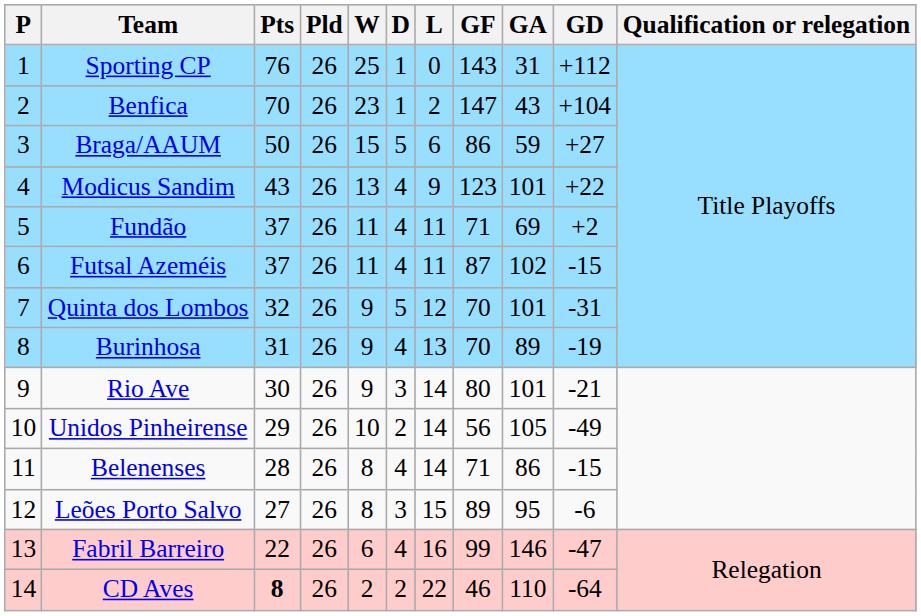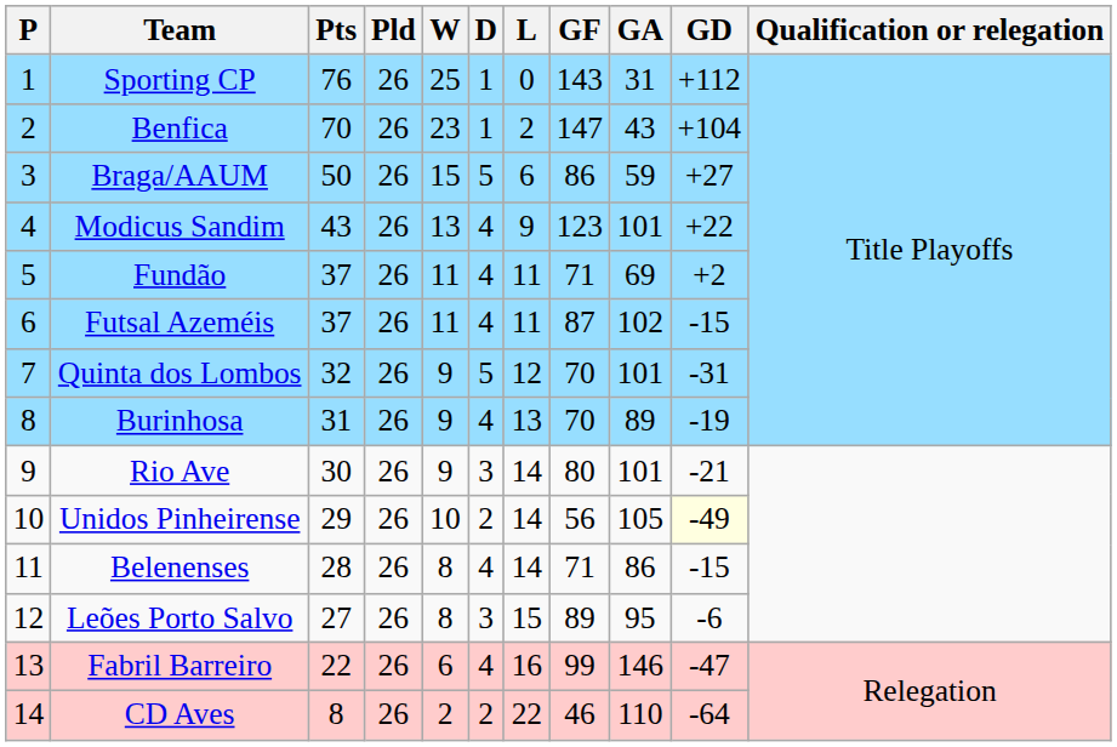 <table class="wikitable sortable" style="text-align: center;">
 <tr>
 <th align="center">P</th>
 <th align="center">Team</th>
 <th align="center">Pts</th>
 <th align="center">Pld</th>
 <th align="center">W</th>
 <th align="center">D</th>
 <th align="center">L</th>
 <th align="center">GF</th>
 <th align="center">GA</th>
 <th align="center">GD</th>
 <th align="center">Qualification or relegation</th>
 </tr>
 <tr ! style="background:#97DEFF;">
 <td>1</td>
 <td><a href='#'>Sporting CP</a></td>
 <td>76</td>
 <td>26</td>
 <td>25</td>
 <td>1</td>
 <td>0</td>
 <td>143</td>
 <td>31</td>
 <td>+112</td>
 <td rowspan=8 align="center">Title Playoffs</td>
 </tr>
 <tr ! style="background:#97DEFF;">
 <td>2</td>
 <td><a href='#'>Benfica</a></td>
 <td>70</td>
 <td>26</td>
 <td>23</td>
 <td>1</td>
 <td>2</td>
 <td>147</td>
 <td>43</td>
 <td>+104</td>
 </tr>
 <tr ! style="background:#97DEFF;">
 <td>3</td>
 <td><a href='#'>Braga/AAUM</a></td>
 <td>50</td>
 <td>26</td>
 <td>15</td>
 <td>5</td>
 <td>6</td>
 <td>86</td>
 <td>59</td>
 <td>+27</td>
 </tr>
 <tr ! style="background:#97DEFF;">
 <td>4</td>
 <td><a href='#'>Modicus Sandim</a></td>
 <td>43</td>
 <td>26</td>
 <td>13</td>
 <td>4</td>
 <td>9</td>
 <td>123</td>
 <td>101</td>
 <td>+22</td>
 </tr>
 <tr ! style="background:#97DEFF;">
 <td>5</td>
 <td><a href='#'>Fundão</a></td>
 <td>37</td>
 <td>26</td>
 <td>11</td>
 <td>4</td>
 <td>11</td>
 <td>71</td>
 <td>69</td>
 <td>+2</td>
 </tr>
 <tr ! style="background:#97DEFF;">
 <td>6</td>
 <td><a href='#'>Futsal Azeméis</a></td>
 <td>37</td>
 <td>26</td>
 <td>11</td>
 <td>4</td>
 <td>11</td>
 <td>87</td>
 <td>102</td>
 <td>-15</td>
 </tr>
 <tr ! style="background:#97DEFF;">
 <td>7</td>
 <td><a href='#'>Quinta dos Lombos</a></td>
 <td>32</td>
 <td>26</td>
 <td>9</td>
 <td>5</td>
 <td>12</td>
 <td>70</td>
 <td>101</td>
 <td>-31</td>
 </tr>
 <tr ! style="background:#97DEFF;">
 <td>8</td>
 <td><a href='#'>Burinhosa</a></td>
 <td>31</td>
 <td>26</td>
 <td>9</td>
 <td>4</td>
 <td>13</td>
 <td>70</td>
 <td>89</td>
 <td>-19</td>
 </tr>
 <tr>
 <td>9</td>
 <td><a href='#'>Rio Ave</a></td>
 <td>30</td>
 <td>26</td>
 <td>9</td>
 <td>3</td>
 <td>14</td>
 <td>80</td>
 <td>101</td>
 <td>-21</td>
 <td rowspan=4></td>
 </tr>
 <tr>
 <td>10</td>
 <td><a href='#'>Unidos Pinheirense</a></td>
 <td>29</td>
 <td>26</td>
 <td>10</td>
 <td>2</td>
 <td>14</td>
 <td>56</td>
 <td>105</td>
-<td>-49</td>
+<td style="background: lightyellow;">-49</td>
 </tr>
 <tr>
 <td>11</td>
 <td><a href='#'>Belenenses</a></td>
 <td>28</td>
 <td>26</td>
 <td>8</td>
 <td>4</td>
 <td>14</td>
 <td>71</td>
 <td>86</td>
 <td>-15</td>
 </tr>
 <tr>
 <td>12</td>
 <td><a href='#'>Leões Porto Salvo</a></td>
 <td>27</td>
 <td>26</td>
 <td>8</td>
 <td>3</td>
 <td>15</td>
 <td>89</td>
 <td>95</td>
 <td>-6</td>
 </tr>
 <tr ! style="background:#FFCCCC;">
 <td>13</td>
 <td><a href='#'>Fabril Barreiro</a></td>
 <td>22</td>
 <td>26</td>
 <td>6</td>
 <td>4</td>
 <td>16</td>
 <td>99</td>
 <td>146</td>
 <td>-47</td>
 <td rowspan=2 align="center">Relegation</td>
 </tr>
 <tr ! style="background:#FFCCCC;">
 <td>14</td>
 <td><a href='#'>CD Aves</a></td>
-<td><strong>8</strong></td>
+<td>8</td>
 <td>26</td>
 <td>2</td>
 <td>2</td>
 <td>22</td>
 <td>46</td>
 <td>110</td>
 <td>-64</td>
 </tr>
 </table>
